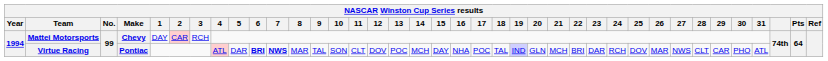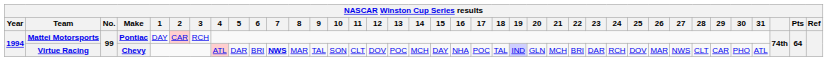 <table class="wikitable" style="text-align:center; font-size:75%">
 <tr>
 <th colspan=45><a href='#'>NASCAR</a> <a href='#'>Winston Cup Series</a> results</th>
 </tr>
 <tr>
 <th>Year</th>
 <th>Team</th>
 <th>No.</th>
 <th>Make</th>
 <th>1</th>
 <th>2</th>
 <th>3</th>
 <th>4</th>
 <th>5</th>
 <th>6</th>
 <th>7</th>
 <th>8</th>
 <th>9</th>
 <th>10</th>
 <th>11</th>
 <th>12</th>
 <th>13</th>
 <th>14</th>
 <th>15</th>
 <th>16</th>
 <th>17</th>
 <th>18</th>
 <th>19</th>
 <th>20</th>
 <th>21</th>
 <th>22</th>
 <th>23</th>
 <th>24</th>
 <th>25</th>
 <th>26</th>
 <th>27</th>
 <th>28</th>
 <th>29</th>
 <th>30</th>
 <th>31</th>
 <th></th>
 <th>Pts</th>
 <th>Ref</th>
 </tr>
 <tr>
 <th rowspan=2><a href='#'>1994</a></th>
 <th nowrap><a href='#'>Mattei Motorsports</a></th>
 <th rowspan=2>99</th>
-<th><a href='#'>Chevy</a></th>
+<th><a href='#'>Pontiac</a></th>
 <td><a href='#'>DAY</a></td>
 <td style="background:#FFCFCF;"><a href='#'>CAR</a><br></td>
 <td><a href='#'>RCH</a></td>
 <td colspan=28></td>
 <th rowspan=2>74th</th>
 <th rowspan=2>64</th>
 <th rowspan=2></th>
 </tr>
 <tr>
 <th><a href='#'>Virtue Racing</a></th>
-<th><a href='#'>Pontiac</a></th>
+<th><a href='#'>Chevy</a></th>
 <td colspan=3></td>
 <td style="background:#FFCFCF;"><a href='#'>ATL</a><br></td>
 <td><a href='#'>DAR</a></td>
-<td><strong><a href='#'>BRI</a></strong></td>
+<td><a href='#'>BRI</a></td>
 <td><strong><a href='#'>NWS</a></strong></td>
 <td><a href='#'>MAR</a></td>
 <td><a href='#'>TAL</a></td>
 <td><a href='#'>SON</a></td>
 <td><a href='#'>CLT</a></td>
 <td><a href='#'>DOV</a></td>
 <td><a href='#'>POC</a></td>
 <td><a href='#'>MCH</a></td>
 <td><a href='#'>DAY</a></td>
 <td><a href='#'>NHA</a></td>
 <td><a href='#'>POC</a></td>
 <td><a href='#'>TAL</a></td>
 <td style="background:#CFCFFF;"><a href='#'>IND</a><br></td>
 <td><a href='#'>GLN</a></td>
 <td><a href='#'>MCH</a></td>
 <td><a href='#'>BRI</a></td>
 <td><a href='#'>DAR</a></td>
 <td><a href='#'>RCH</a></td>
 <td><a href='#'>DOV</a></td>
 <td><a href='#'>MAR</a></td>
 <td><a href='#'>NWS</a></td>
 <td><a href='#'>CLT</a></td>
 <td><a href='#'>CAR</a></td>
 <td><a href='#'>PHO</a></td>
 <td><a href='#'>ATL</a></td>
 </tr>
 </table>
